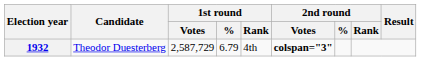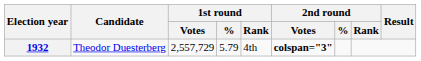 <table class=wikitable>
 <tr>
 <th rowspan=2>Election year</th>
 <th rowspan=2>Candidate</th>
 <th colspan="3">1st round</th>
 <th colspan="3">2nd round</th>
 <th rowspan="2">Result</th>
 </tr>
 <tr>
 <th>Votes</th>
 <th>%</th>
 <th>Rank</th>
 <th>Votes</th>
 <th>%</th>
 <th>Rank</th>
 </tr>
 <tr>
 <th><a href='#'>1932</a></th>
 <td><a href='#'>Theodor Duesterberg</a></td>
-<td>2,587,729</td>
-<td>6.79</td>
+<td>2,557,729</td>
+<td>5.79</td>
 <td>4th</td>
 <td><strong>colspan="3" </strong></td>
 <td></td>
 </tr>
 </table>
